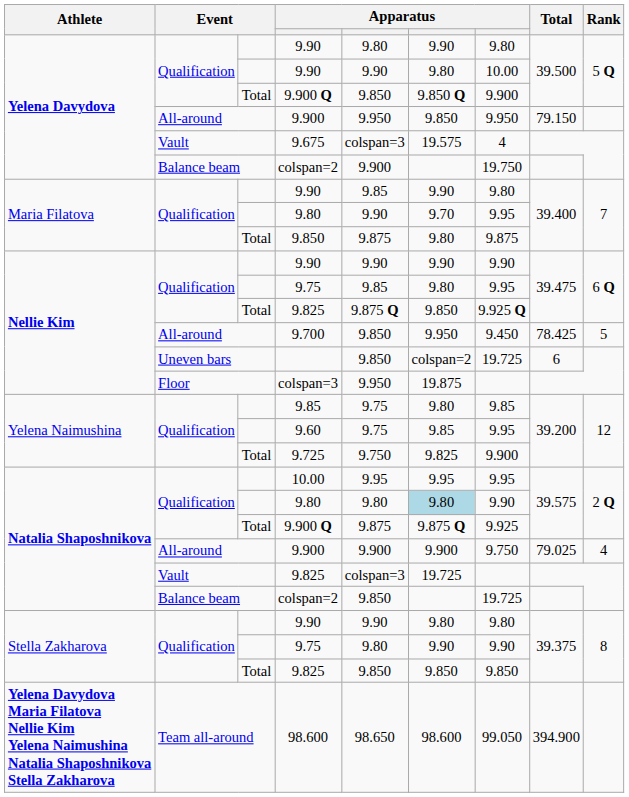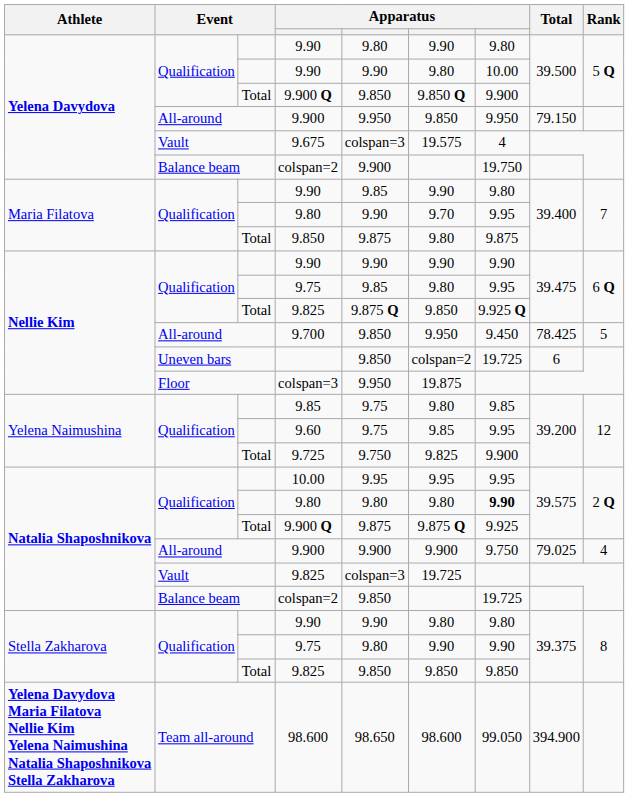 <table class="wikitable" style="text-align:center;font-size:90%">
 <tr>
 <th rowspan=2>Athlete</th>
 <th colspan=2 rowspan=2>Event</th>
 <th colspan=4>Apparatus</th>
 <th rowspan=2>Total</th>
 <th rowspan=2>Rank</th>
 </tr>
 <tr style="font-size:95%">
 <th></th>
 <th></th>
 <th></th>
 <th></th>
 </tr>
 <tr>
 <td rowspan=6 align=left><strong><a href='#'>Yelena Davydova</a></strong></td>
 <td rowspan=3 align=left><a href='#'>Qualification</a></td>
 <td></td>
 <td>9.90</td>
 <td>9.80</td>
 <td>9.90</td>
 <td>9.80</td>
 <td rowspan=3>39.500</td>
 <td rowspan=3>5 <strong>Q</strong></td>
 </tr>
 <tr>
 <td></td>
 <td>9.90</td>
 <td>9.90</td>
 <td>9.80</td>
 <td>10.00</td>
 </tr>
 <tr>
 <td>Total</td>
 <td>9.900 <strong>Q</strong></td>
 <td>9.850</td>
 <td>9.850 <strong>Q</strong></td>
 <td>9.900</td>
 </tr>
 <tr>
 <td colspan=2 align=left><a href='#'>All-around</a></td>
 <td>9.900</td>
 <td>9.950</td>
 <td>9.850</td>
 <td>9.950</td>
 <td>79.150</td>
 <td></td>
 </tr>
 <tr>
 <td colspan=2 align=left><a href='#'>Vault</a></td>
 <td>9.675</td>
 <td>colspan=3 </td>
 <td>19.575</td>
 <td>4</td>
 </tr>
 <tr>
 <td colspan=2 align=left><a href='#'>Balance beam</a></td>
 <td>colspan=2 </td>
 <td>9.900</td>
 <td></td>
 <td>19.750</td>
 <td></td>
 </tr>
 <tr>
 <td rowspan=3 align=left><a href='#'>Maria Filatova</a></td>
 <td rowspan=3 align=left><a href='#'>Qualification</a></td>
 <td></td>
 <td>9.90</td>
 <td>9.85</td>
 <td>9.90</td>
 <td>9.80</td>
 <td rowspan=3>39.400</td>
 <td rowspan=3>7</td>
 </tr>
 <tr>
 <td></td>
 <td>9.80</td>
 <td>9.90</td>
 <td>9.70</td>
 <td>9.95</td>
 </tr>
 <tr>
 <td>Total</td>
 <td>9.850</td>
 <td>9.875</td>
 <td>9.80</td>
 <td>9.875</td>
 </tr>
 <tr>
 <td rowspan=6 align=left><strong><a href='#'>Nellie Kim</a></strong></td>
 <td rowspan=3 align=left><a href='#'>Qualification</a></td>
 <td></td>
 <td>9.90</td>
 <td>9.90</td>
 <td>9.90</td>
 <td>9.90</td>
 <td rowspan=3>39.475</td>
 <td rowspan=3>6 <strong>Q</strong></td>
 </tr>
 <tr>
 <td></td>
 <td>9.75</td>
 <td>9.85</td>
 <td>9.80</td>
 <td>9.95</td>
 </tr>
 <tr>
 <td>Total</td>
 <td>9.825</td>
 <td>9.875 <strong>Q</strong></td>
 <td>9.850</td>
 <td>9.925 <strong>Q</strong></td>
 </tr>
 <tr>
 <td colspan=2 align=left><a href='#'>All-around</a></td>
 <td>9.700</td>
 <td>9.850</td>
 <td>9.950</td>
 <td>9.450</td>
 <td>78.425</td>
 <td>5</td>
 </tr>
 <tr>
 <td colspan=2 align=left><a href='#'>Uneven bars</a></td>
 <td></td>
 <td>9.850</td>
 <td>colspan=2 </td>
 <td>19.725</td>
 <td>6</td>
 </tr>
 <tr>
 <td colspan=2 align=left><a href='#'>Floor</a></td>
 <td>colspan=3 </td>
 <td>9.950</td>
 <td>19.875</td>
 <td></td>
 </tr>
 <tr>
 <td rowspan=3 align=left><a href='#'>Yelena Naimushina</a></td>
 <td rowspan=3 align=left><a href='#'>Qualification</a></td>
 <td></td>
 <td>9.85</td>
 <td>9.75</td>
 <td>9.80</td>
 <td>9.85</td>
 <td rowspan=3>39.200</td>
 <td rowspan=3>12</td>
 </tr>
 <tr>
 <td></td>
 <td>9.60</td>
 <td>9.75</td>
 <td>9.85</td>
 <td>9.95</td>
 </tr>
 <tr>
 <td>Total</td>
 <td>9.725</td>
 <td>9.750</td>
 <td>9.825</td>
 <td>9.900</td>
 </tr>
 <tr>
 <td rowspan=6 align=left><strong><a href='#'>Natalia Shaposhnikova</a></strong></td>
 <td rowspan=3 align=left><a href='#'>Qualification</a></td>
 <td></td>
 <td>10.00</td>
 <td>9.95</td>
 <td>9.95</td>
 <td>9.95</td>
 <td rowspan=3>39.575</td>
 <td rowspan=3>2 <strong>Q</strong></td>
 </tr>
 <tr>
 <td></td>
 <td>9.80</td>
 <td>9.80</td>
-<td style="background: lightblue;">9.80</td>
-<td>9.90</td>
+<td>9.80</td>
+<td><strong>9.90</strong></td>
 </tr>
 <tr>
 <td>Total</td>
 <td>9.900 <strong>Q</strong></td>
 <td>9.875</td>
 <td>9.875 <strong>Q</strong></td>
 <td>9.925</td>
 </tr>
 <tr>
 <td colspan=2 align=left><a href='#'>All-around</a></td>
 <td>9.900</td>
 <td>9.900</td>
 <td>9.900</td>
 <td>9.750</td>
 <td>79.025</td>
 <td>4</td>
 </tr>
 <tr>
 <td colspan=2 align=left><a href='#'>Vault</a></td>
 <td>9.825</td>
 <td>colspan=3 </td>
 <td>19.725</td>
 <td></td>
 </tr>
 <tr>
 <td colspan=2 align=left><a href='#'>Balance beam</a></td>
 <td>colspan=2 </td>
 <td>9.850</td>
 <td></td>
 <td>19.725</td>
 <td></td>
 </tr>
 <tr>
 <td rowspan=3 align=left><a href='#'>Stella Zakharova</a></td>
 <td rowspan=3 align=left><a href='#'>Qualification</a></td>
 <td></td>
 <td>9.90</td>
 <td>9.90</td>
 <td>9.80</td>
 <td>9.80</td>
 <td rowspan=3>39.375</td>
 <td rowspan=3>8</td>
 </tr>
 <tr>
 <td></td>
 <td>9.75</td>
 <td>9.80</td>
 <td>9.90</td>
 <td>9.90</td>
 </tr>
 <tr>
 <td>Total</td>
 <td>9.825</td>
 <td>9.850</td>
 <td>9.850</td>
 <td>9.850</td>
 </tr>
 <tr>
 <td align=left><strong><a href='#'>Yelena Davydova</a><br><a href='#'>Maria Filatova</a><br><a href='#'>Nellie Kim</a><br><a href='#'>Yelena Naimushina</a><br><a href='#'>Natalia Shaposhnikova</a><br><a href='#'>Stella Zakharova</a></strong></td>
 <td colspan=2 align=left><a href='#'>Team all-around</a></td>
 <td>98.600</td>
 <td>98.650</td>
 <td>98.600</td>
 <td>99.050</td>
 <td>394.900</td>
 <td></td>
 </tr>
 </table>
